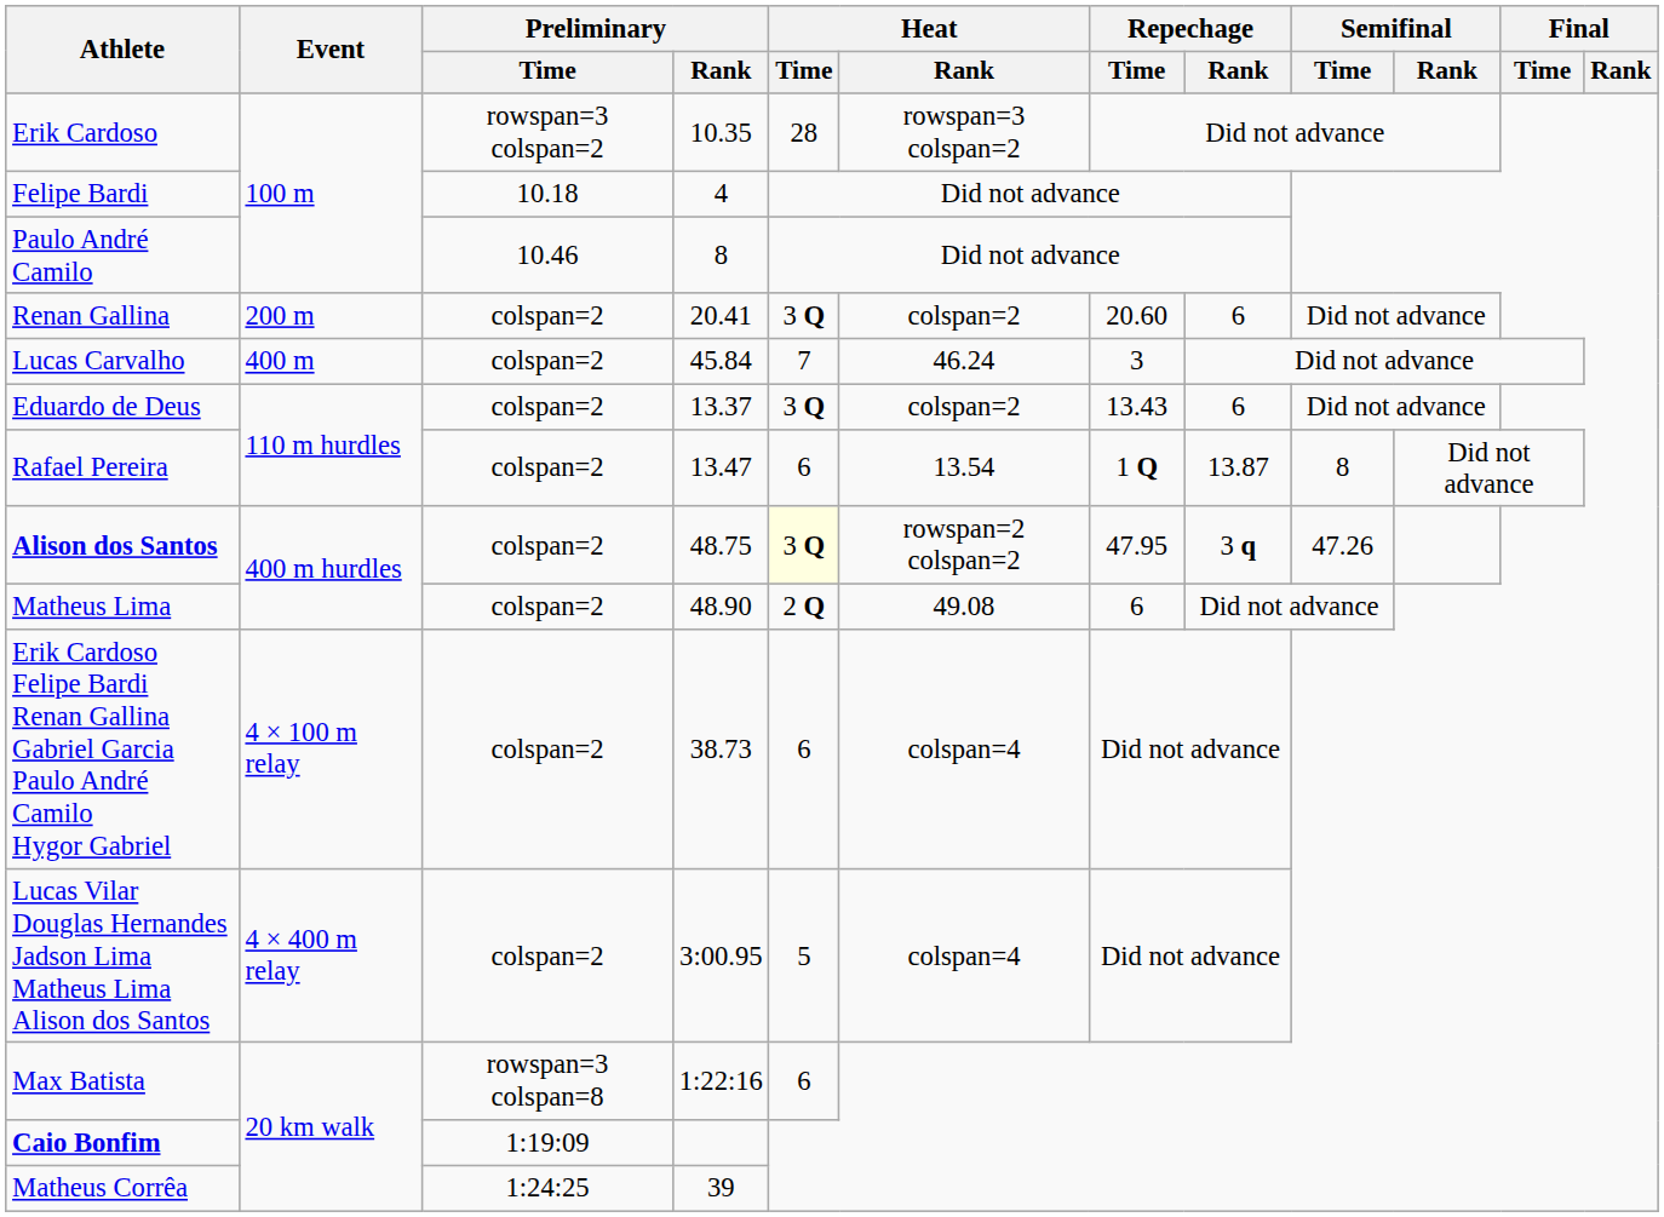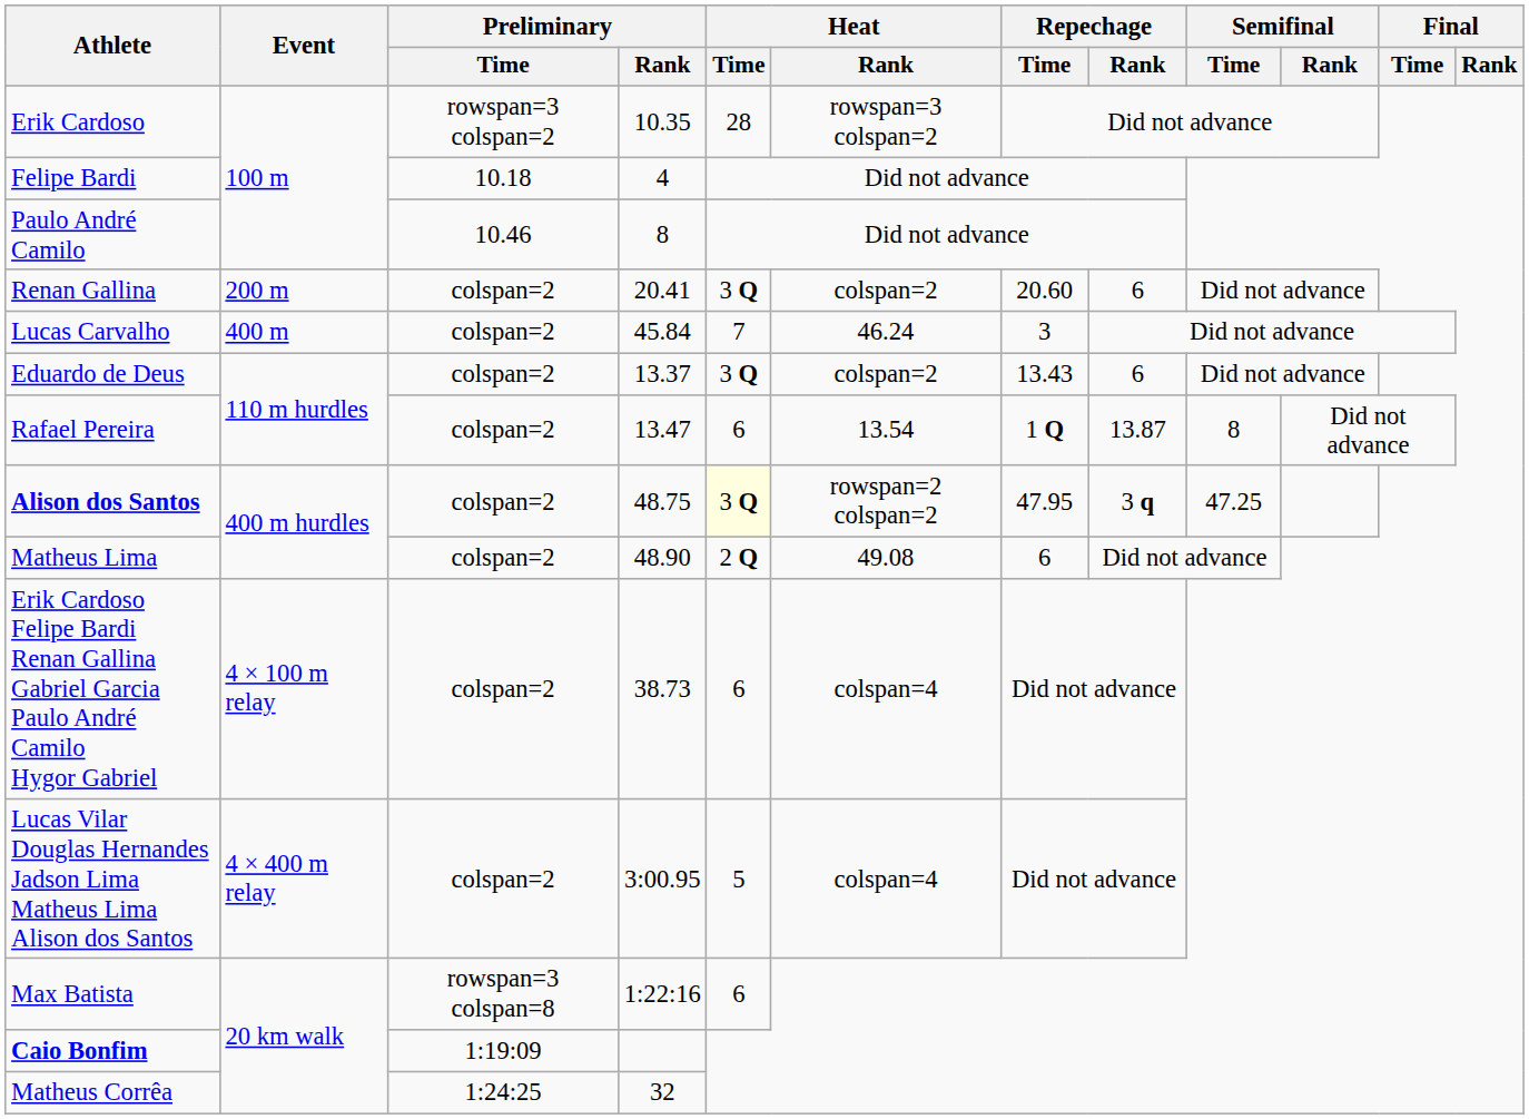 <table class="wikitable" style="font-size:90%">
 <tr>
 <th rowspan=2>Athlete</th>
 <th rowspan=2>Event</th>
 <th colspan=2>Preliminary</th>
 <th colspan=2>Heat</th>
 <th colspan=2>Repechage</th>
 <th colspan=2>Semifinal</th>
 <th colspan=2>Final</th>
 </tr>
 <tr style=font-size:95%>
 <th>Time</th>
 <th>Rank</th>
 <th>Time</th>
 <th>Rank</th>
 <th>Time</th>
 <th>Rank</th>
 <th>Time</th>
 <th>Rank</th>
 <th>Time</th>
 <th>Rank</th>
 </tr>
 <tr align=center>
 <td align=left><a href='#'>Erik Cardoso</a></td>
 <td align=left rowspan=3><a href='#'>100 m</a></td>
 <td>rowspan=3 colspan=2 </td>
 <td>10.35</td>
 <td>28</td>
 <td>rowspan=3 colspan=2 </td>
 <td colspan=4>Did not advance</td>
 </tr>
 <tr align=center>
 <td align=left><a href='#'>Felipe Bardi</a></td>
 <td>10.18</td>
 <td>4</td>
 <td colspan=4>Did not advance</td>
 </tr>
 <tr align=center>
 <td align=left><a href='#'>Paulo André Camilo</a></td>
 <td>10.46</td>
 <td>8</td>
 <td colspan=4>Did not advance</td>
 </tr>
 <tr align=center>
 <td align=left><a href='#'>Renan Gallina</a></td>
 <td align=left><a href='#'>200 m</a></td>
 <td>colspan=2 </td>
 <td>20.41</td>
 <td>3 <strong>Q</strong></td>
 <td>colspan=2 </td>
 <td>20.60</td>
 <td>6</td>
 <td colspan=2>Did not advance</td>
 </tr>
 <tr align=center>
 <td align=left><a href='#'>Lucas Carvalho</a></td>
 <td align=left><a href='#'>400 m</a></td>
 <td>colspan=2 </td>
 <td>45.84</td>
 <td>7</td>
 <td>46.24</td>
 <td>3</td>
 <td colspan=4>Did not advance</td>
 </tr>
 <tr align=center>
 <td align=left><a href='#'>Eduardo de Deus</a></td>
 <td align=left rowspan=2><a href='#'>110 m hurdles</a></td>
 <td>colspan=2 </td>
 <td>13.37</td>
 <td>3 <strong>Q</strong></td>
 <td>colspan=2 </td>
 <td>13.43</td>
 <td>6</td>
 <td colspan=2>Did not advance</td>
 </tr>
 <tr align=center>
 <td align=left><a href='#'>Rafael Pereira</a></td>
 <td>colspan=2 </td>
 <td>13.47</td>
 <td>6</td>
 <td>13.54</td>
 <td>1 <strong>Q</strong></td>
 <td>13.87</td>
 <td>8</td>
 <td colspan=2>Did not advance</td>
 </tr>
 <tr align=center>
 <td align=left><strong><a href='#'>Alison dos Santos</a></strong></td>
 <td align=left rowspan=2><a href='#'>400 m hurdles</a></td>
 <td>colspan=2 </td>
 <td>48.75</td>
 <td style="background: lightyellow;">3 <strong>Q</strong></td>
 <td>rowspan=2 colspan=2 </td>
 <td>47.95</td>
 <td>3 <strong>q</strong></td>
-<td>47.26</td>
+<td>47.25</td>
 <td></td>
 </tr>
 <tr align=center>
 <td align=left><a href='#'>Matheus Lima</a></td>
 <td>colspan=2 </td>
 <td>48.90</td>
 <td>2 <strong>Q</strong></td>
 <td>49.08</td>
 <td>6</td>
 <td colspan=2>Did not advance</td>
 </tr>
 <tr align=center>
 <td align=left><a href='#'>Erik Cardoso</a><br><a href='#'>Felipe Bardi</a><br><a href='#'>Renan Gallina</a><br><a href='#'>Gabriel Garcia</a><br><a href='#'>Paulo André Camilo</a><br><a href='#'>Hygor Gabriel</a></td>
 <td align=left><a href='#'>4 × 100 m relay</a></td>
 <td>colspan=2 </td>
 <td>38.73</td>
 <td>6</td>
 <td>colspan=4 </td>
 <td colspan=2>Did not advance</td>
 </tr>
 <tr align=center>
 <td align=left><a href='#'>Lucas Vilar</a><br><a href='#'>Douglas Hernandes</a><br><a href='#'>Jadson Lima</a><br><a href='#'>Matheus Lima</a><br><a href='#'>Alison dos Santos</a></td>
 <td align=left><a href='#'>4 × 400 m relay</a></td>
 <td>colspan=2 </td>
 <td>3:00.95</td>
 <td>5</td>
 <td>colspan=4 </td>
 <td colspan=2>Did not advance</td>
 </tr>
 <tr align=center>
 <td align=left><a href='#'>Max Batista</a></td>
 <td align=left rowspan=3><a href='#'>20 km walk</a></td>
 <td>rowspan=3 colspan=8 </td>
 <td>1:22:16</td>
 <td>6</td>
 </tr>
 <tr align=center>
 <td align=left><strong><a href='#'>Caio Bonfim</a></strong></td>
 <td>1:19:09</td>
 <td></td>
 </tr>
 <tr align=center>
 <td align=left><a href='#'>Matheus Corrêa</a></td>
 <td>1:24:25</td>
-<td>39</td>
+<td>32</td>
 </tr>
 </table>
